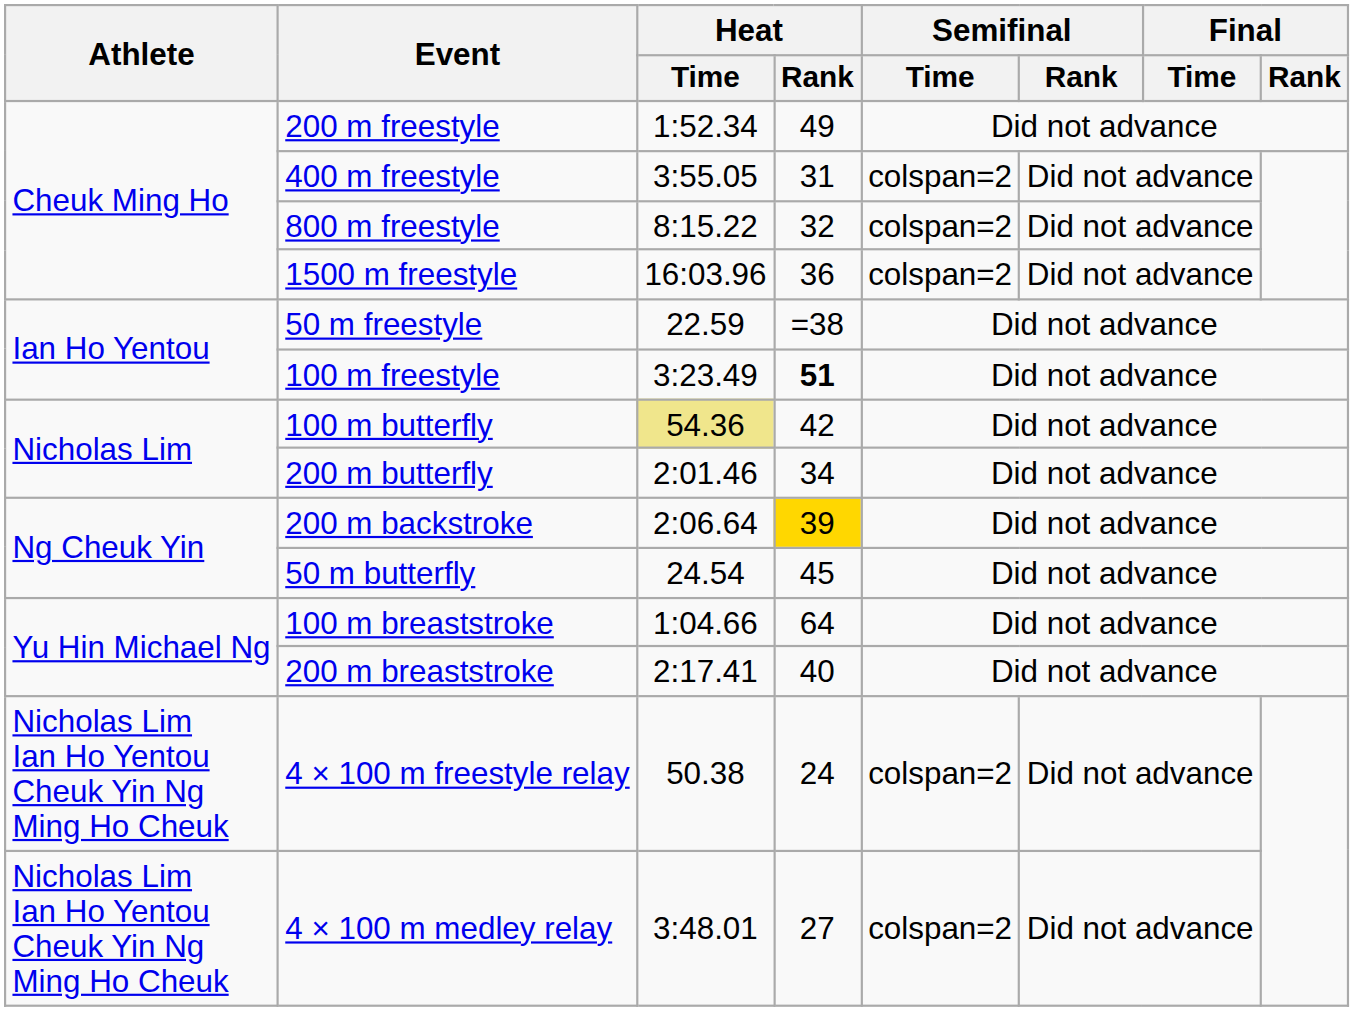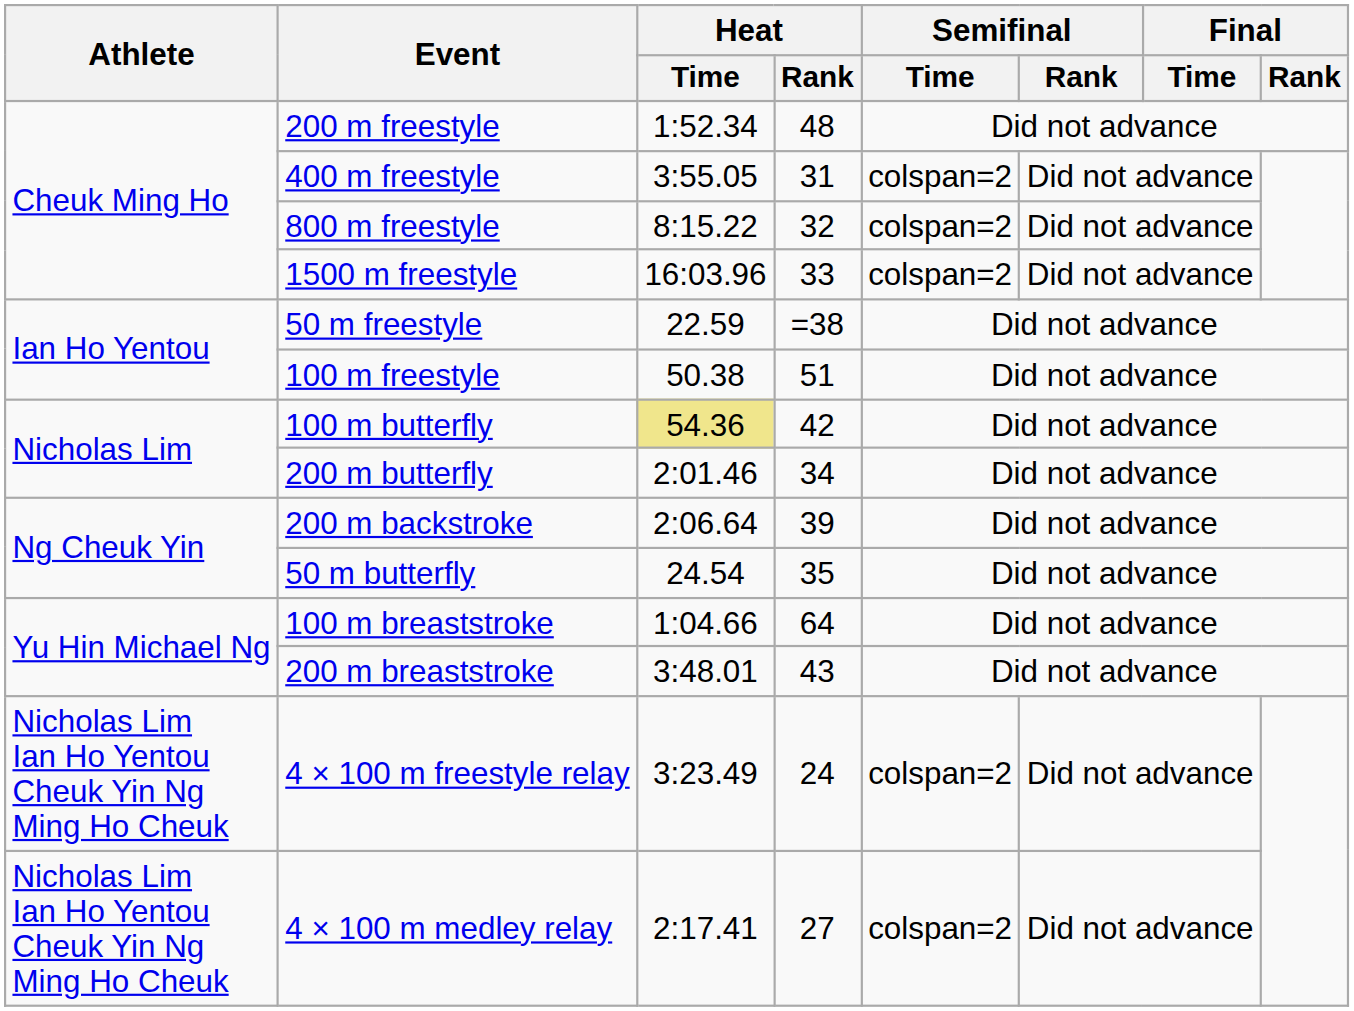 <table class="wikitable" style="text-align:center; font-size:90%">
 <tr>
 <th rowspan="2">Athlete</th>
 <th rowspan="2">Event</th>
 <th colspan="2">Heat</th>
 <th colspan="2">Semifinal</th>
 <th colspan="2">Final</th>
 </tr>
 <tr style="font-size:95%">
 <th>Time</th>
 <th>Rank</th>
 <th>Time</th>
 <th>Rank</th>
 <th>Time</th>
 <th>Rank</th>
 </tr>
 <tr>
 <td align=left rowspan=4><a href='#'>Cheuk Ming Ho</a></td>
 <td align=left><a href='#'>200 m freestyle</a></td>
 <td>1:52.34</td>
-<td>49</td>
+<td>48</td>
 <td colspan=4>Did not advance</td>
 </tr>
 <tr>
 <td align=left><a href='#'>400 m freestyle</a></td>
 <td>3:55.05</td>
 <td>31</td>
 <td>colspan=2</td>
 <td colspan=2>Did not advance</td>
 </tr>
 <tr>
 <td align=left><a href='#'>800 m freestyle</a></td>
 <td>8:15.22</td>
 <td>32</td>
 <td>colspan=2</td>
 <td colspan=2>Did not advance</td>
 </tr>
 <tr>
 <td align=left><a href='#'>1500 m freestyle</a></td>
 <td>16:03.96</td>
-<td>36</td>
+<td>33</td>
 <td>colspan=2</td>
 <td colspan=2>Did not advance</td>
 </tr>
 <tr>
 <td align=left rowspan=2><a href='#'>Ian Ho Yentou</a></td>
 <td align=left><a href='#'>50 m freestyle</a></td>
 <td>22.59</td>
 <td>=38</td>
 <td colspan=4>Did not advance</td>
 </tr>
 <tr>
 <td align=left><a href='#'>100 m freestyle</a></td>
-<td>3:23.49</td>
-<td><strong>51</strong></td>
+<td>50.38</td>
+<td>51</td>
 <td colspan=4>Did not advance</td>
 </tr>
 <tr>
 <td align=left rowspan=2><a href='#'>Nicholas Lim</a></td>
 <td align=left><a href='#'>100 m butterfly</a></td>
 <td style="background: khaki;">54.36</td>
 <td>42</td>
 <td colspan=4>Did not advance</td>
 </tr>
 <tr>
 <td align=left><a href='#'>200 m butterfly</a></td>
 <td>2:01.46</td>
 <td>34</td>
 <td colspan=4>Did not advance</td>
 </tr>
 <tr>
 <td align=left rowspan=2><a href='#'>Ng Cheuk Yin</a></td>
 <td align=left><a href='#'>200 m backstroke</a></td>
 <td>2:06.64</td>
-<td style="background: gold;">39</td>
+<td>39</td>
 <td colspan=4>Did not advance</td>
 </tr>
 <tr>
 <td align=left><a href='#'>50 m butterfly</a></td>
 <td>24.54</td>
-<td>45</td>
+<td>35</td>
 <td colspan=4>Did not advance</td>
 </tr>
 <tr>
 <td align=left rowspan=2><a href='#'>Yu Hin Michael Ng</a></td>
 <td align=left><a href='#'>100 m breaststroke</a></td>
 <td>1:04.66</td>
 <td>64</td>
 <td colspan=4>Did not advance</td>
 </tr>
 <tr>
 <td align=left><a href='#'>200 m breaststroke</a></td>
-<td>2:17.41</td>
-<td>40</td>
+<td>3:48.01</td>
+<td>43</td>
 <td colspan=4>Did not advance</td>
 </tr>
 <tr align=center>
 <td align=left><a href='#'>Nicholas Lim</a><br><a href='#'>Ian Ho Yentou</a><br><a href='#'>Cheuk Yin Ng</a><br><a href='#'>Ming Ho Cheuk</a></td>
 <td align=left><a href='#'>4 × 100 m freestyle relay</a></td>
-<td>50.38</td>
+<td>3:23.49</td>
 <td>24</td>
 <td>colspan=2 </td>
 <td colspan=2>Did not advance</td>
 </tr>
 <tr align=center>
 <td align=left><a href='#'>Nicholas Lim</a><br><a href='#'>Ian Ho Yentou</a><br><a href='#'>Cheuk Yin Ng</a><br><a href='#'>Ming Ho Cheuk</a></td>
 <td align=left><a href='#'>4 × 100 m medley relay</a></td>
-<td>3:48.01</td>
+<td>2:17.41</td>
 <td>27</td>
 <td>colspan=2 </td>
 <td colspan=2>Did not advance</td>
 </tr>
 </table>
